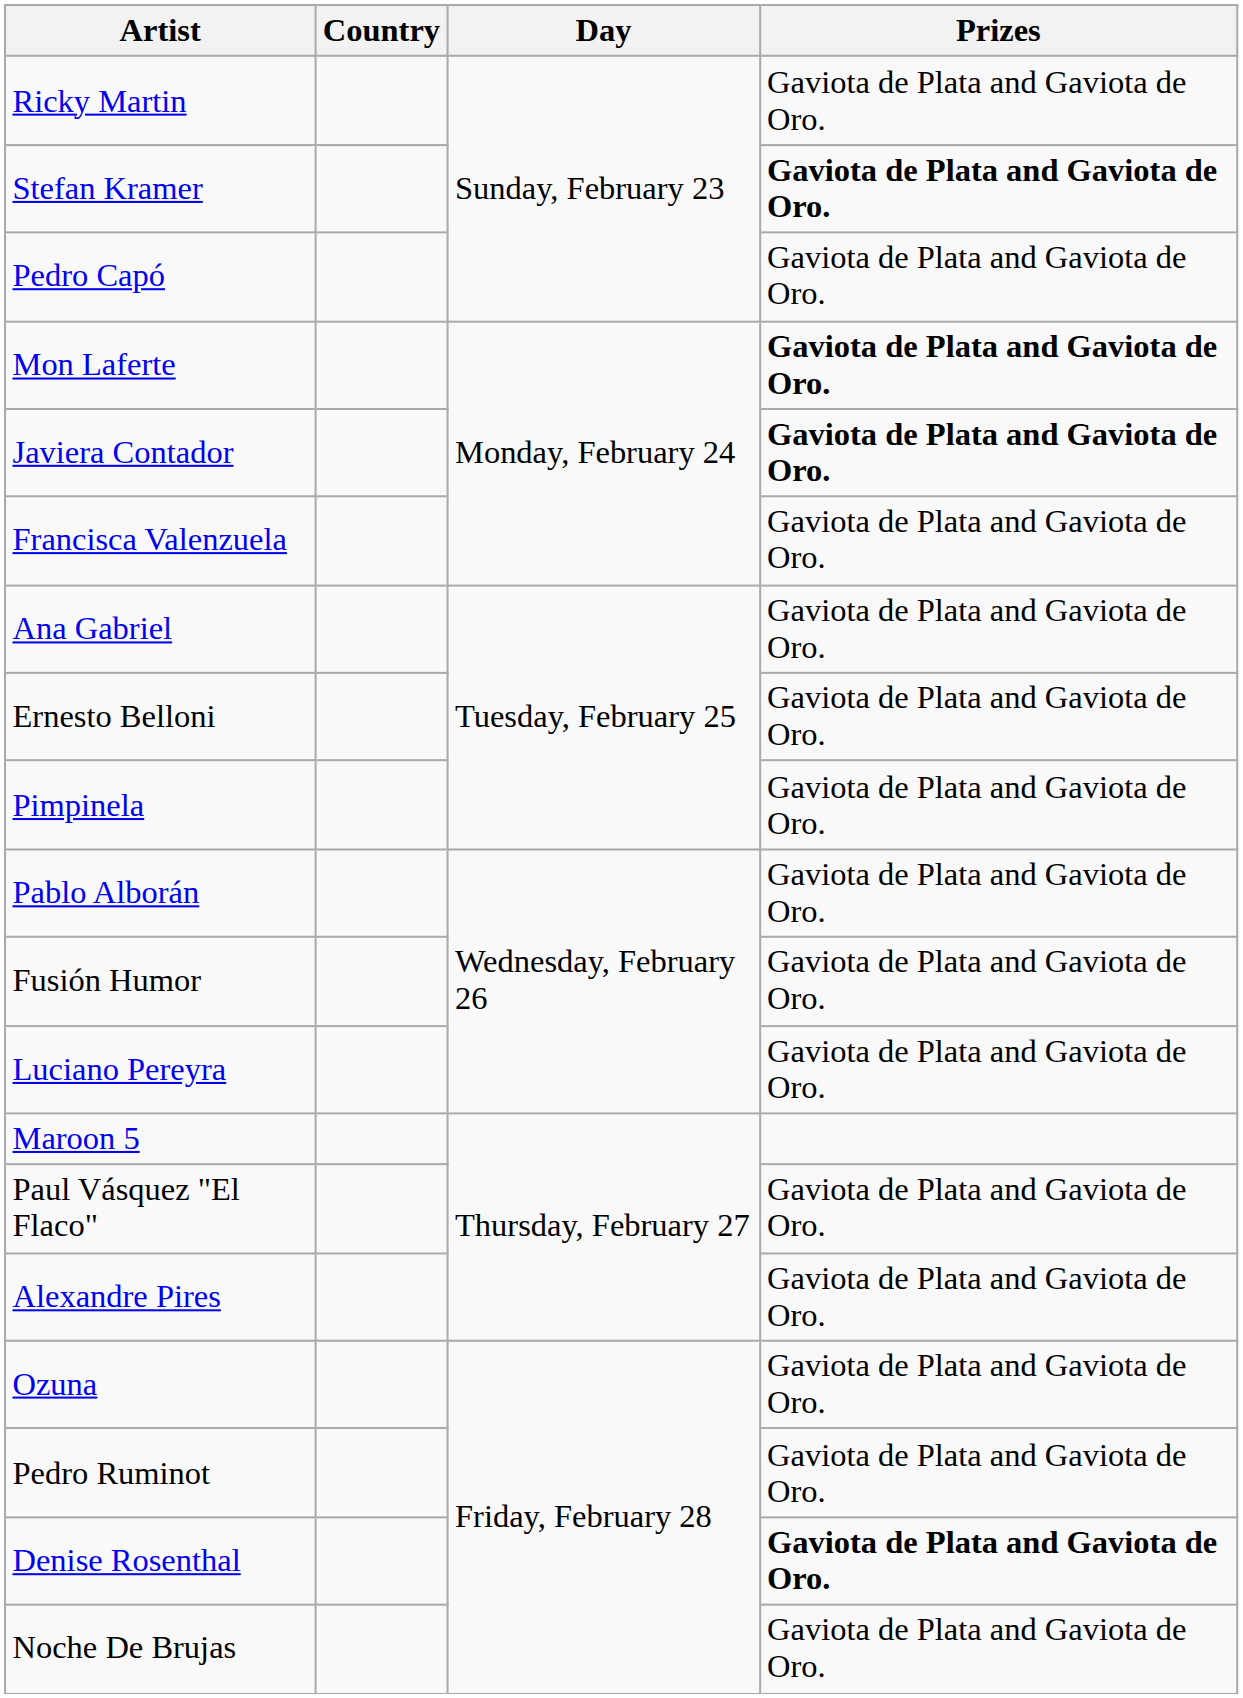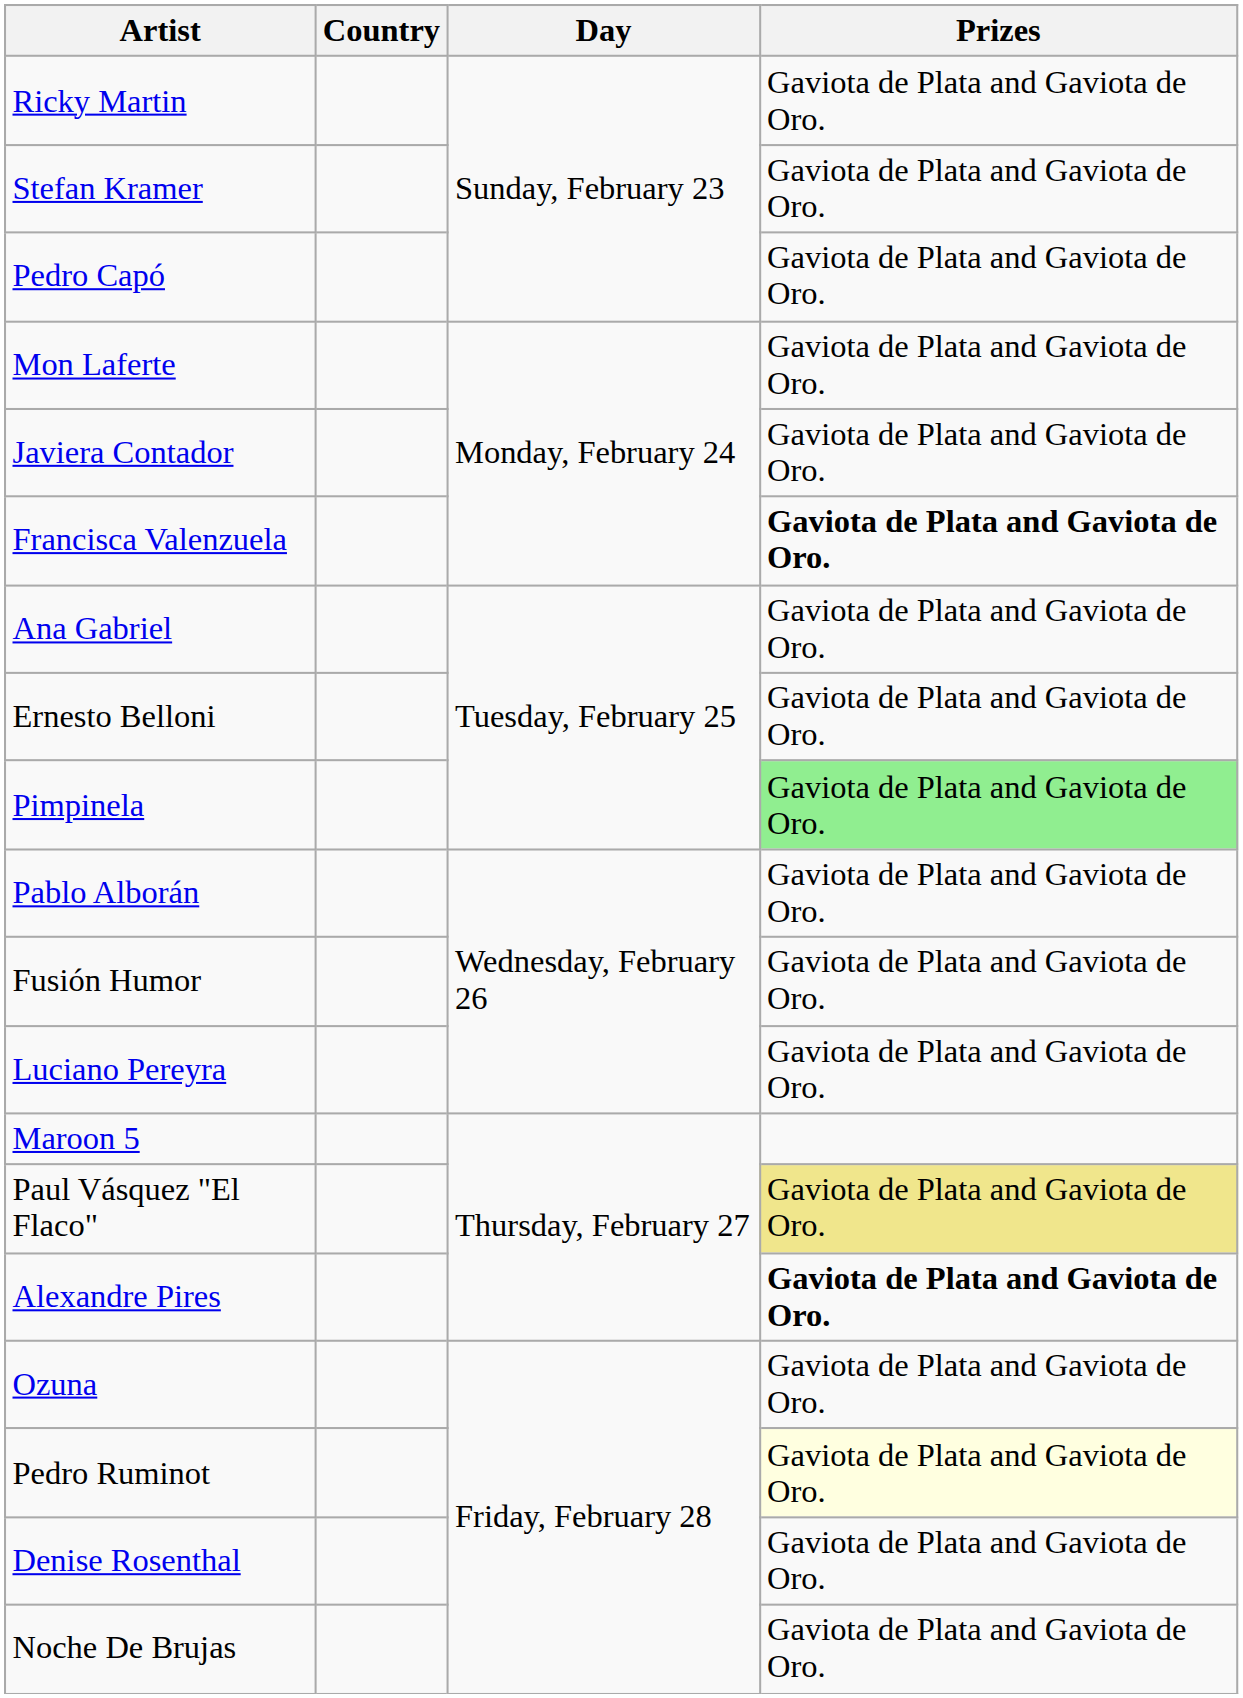 <table class="wikitable">
 <tr>
 <th>Artist</th>
 <th>Country</th>
 <th>Day</th>
 <th>Prizes</th>
 </tr>
 <tr>
 <td><a href='#'>Ricky Martin</a></td>
 <td></td>
 <td rowspan="3">Sunday, February 23</td>
 <td>Gaviota de Plata and Gaviota de Oro.</td>
 </tr>
 <tr>
 <td><a href='#'>Stefan Kramer</a></td>
 <td></td>
-<td><strong>Gaviota de Plata and Gaviota de Oro.</strong></td>
+<td>Gaviota de Plata and Gaviota de Oro.</td>
 </tr>
 <tr>
 <td><a href='#'>Pedro Capó</a></td>
 <td></td>
 <td>Gaviota de Plata and Gaviota de Oro.</td>
 </tr>
 <tr>
 <td><a href='#'>Mon Laferte</a></td>
 <td></td>
 <td rowspan="3">Monday, February 24</td>
-<td><strong>Gaviota de Plata and Gaviota de Oro.</strong></td>
+<td>Gaviota de Plata and Gaviota de Oro.</td>
 </tr>
 <tr>
 <td><a href='#'>Javiera Contador</a></td>
 <td></td>
-<td><strong>Gaviota de Plata and Gaviota de Oro.</strong></td>
+<td>Gaviota de Plata and Gaviota de Oro.</td>
 </tr>
 <tr>
 <td><a href='#'>Francisca Valenzuela</a></td>
 <td></td>
-<td>Gaviota de Plata and Gaviota de Oro.</td>
+<td><strong>Gaviota de Plata and Gaviota de Oro.</strong></td>
 </tr>
 <tr>
 <td><a href='#'>Ana Gabriel</a></td>
 <td></td>
 <td rowspan="3">Tuesday, February 25</td>
 <td>Gaviota de Plata and Gaviota de Oro.</td>
 </tr>
 <tr>
 <td>Ernesto Belloni</td>
 <td></td>
 <td>Gaviota de Plata and Gaviota de Oro.</td>
 </tr>
 <tr>
 <td><a href='#'>Pimpinela</a></td>
 <td></td>
-<td>Gaviota de Plata and Gaviota de Oro.</td>
+<td style="background: lightgreen;">Gaviota de Plata and Gaviota de Oro.</td>
 </tr>
 <tr>
 <td><a href='#'>Pablo Alborán</a></td>
 <td></td>
 <td rowspan="3">Wednesday, February 26</td>
 <td>Gaviota de Plata and Gaviota de Oro.</td>
 </tr>
 <tr>
 <td>Fusión Humor</td>
 <td></td>
 <td>Gaviota de Plata and Gaviota de Oro.</td>
 </tr>
 <tr>
 <td><a href='#'>Luciano Pereyra</a></td>
 <td></td>
 <td>Gaviota de Plata and Gaviota de Oro.</td>
 </tr>
 <tr>
 <td><a href='#'>Maroon 5</a></td>
 <td></td>
 <td rowspan="3">Thursday, February 27</td>
 <td></td>
 </tr>
 <tr>
 <td>Paul Vásquez "El Flaco"</td>
 <td></td>
-<td>Gaviota de Plata and Gaviota de Oro.</td>
+<td style="background: khaki;">Gaviota de Plata and Gaviota de Oro.</td>
 </tr>
 <tr>
 <td><a href='#'>Alexandre Pires</a></td>
 <td></td>
-<td>Gaviota de Plata and Gaviota de Oro.</td>
+<td><strong>Gaviota de Plata and Gaviota de Oro.</strong></td>
 </tr>
 <tr>
 <td><a href='#'>Ozuna</a></td>
 <td></td>
 <td rowspan="4">Friday, February 28</td>
 <td>Gaviota de Plata and Gaviota de Oro.</td>
 </tr>
 <tr>
 <td>Pedro Ruminot</td>
 <td></td>
-<td>Gaviota de Plata and Gaviota de Oro.</td>
+<td style="background: lightyellow;">Gaviota de Plata and Gaviota de Oro.</td>
 </tr>
 <tr>
 <td><a href='#'>Denise Rosenthal</a></td>
 <td></td>
-<td><strong>Gaviota de Plata and Gaviota de Oro.</strong></td>
+<td>Gaviota de Plata and Gaviota de Oro.</td>
 </tr>
 <tr>
 <td>Noche De Brujas</td>
 <td></td>
 <td>Gaviota de Plata and Gaviota de Oro.</td>
 </tr>
 </table>
